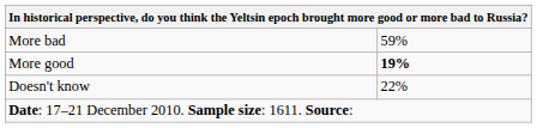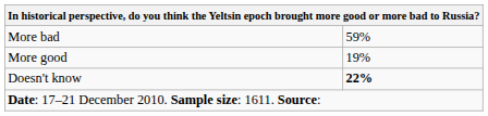 <table class="wikitable">
 <tr>
 <th colspan=2><small>In historical perspective, do you think the Yeltsin epoch brought more good or more bad to Russia?</small></th>
 </tr>
 <tr>
 <td>More bad</td>
 <td>59%</td>
 </tr>
 <tr>
 <td>More good</td>
-<td><strong>19%</strong></td>
+<td>19%</td>
 </tr>
 <tr>
 <td>Doesn't know</td>
-<td>22%</td>
+<td><strong>22%</strong></td>
 </tr>
 <tr>
 <td align=left colspan=6><strong>Date</strong>: 17–21 December 2010. <strong>Sample size</strong>: 1611. <strong>Source</strong>:</td>
 </tr>
 </table>
